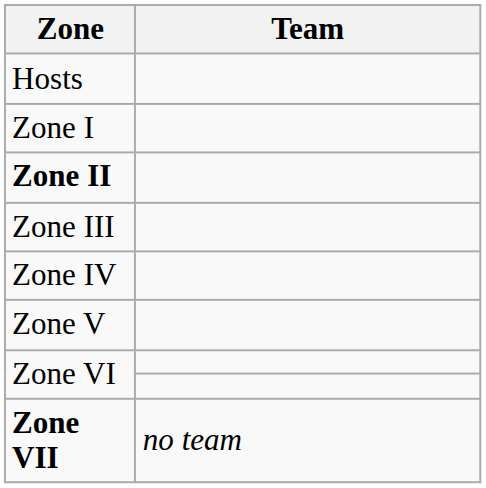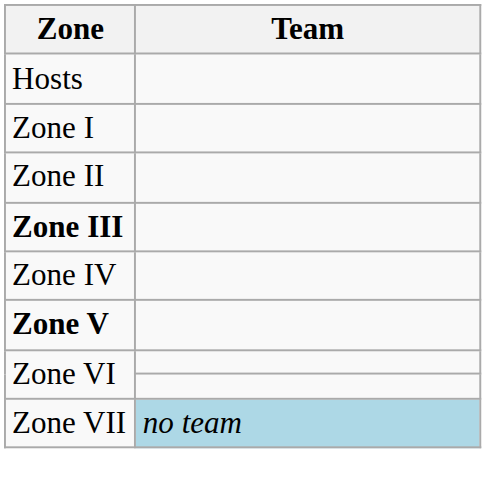 <table class="wikitable sortable" style="text-align: left;">
 <tr>
 <th width=60>Zone</th>
 <th width=170>Team</th>
 </tr>
 <tr>
 <td>Hosts</td>
 <td></td>
 </tr>
 <tr>
 <td>Zone I</td>
 <td></td>
 </tr>
 <tr>
-<td><strong>Zone II</strong></td>
+<td>Zone II</td>
 <td></td>
 </tr>
 <tr>
-<td>Zone III</td>
+<td><strong>Zone III</strong></td>
 <td></td>
 </tr>
 <tr>
 <td>Zone IV</td>
 <td></td>
 </tr>
 <tr>
-<td>Zone V</td>
+<td><strong>Zone V</strong></td>
 <td></td>
 </tr>
 <tr>
 <td rowspan=2>Zone VI</td>
 <td></td>
 </tr>
 <tr>
 <td></td>
 </tr>
 <tr>
-<td><strong>Zone VII</strong></td>
-<td><em>no team</em></td>
+<td>Zone VII</td>
+<td style="background: lightblue;"><em>no team</em></td>
 </tr>
 </table>
